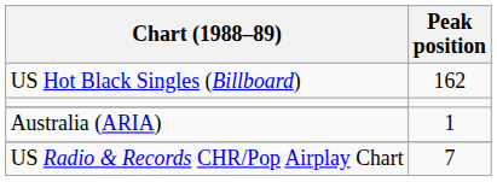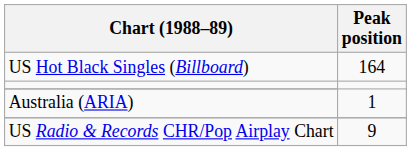 <table class="wikitable sortable">
 <tr>
 <th>Chart (1988–89)</th>
 <th>Peak<br>position</th>
 </tr>
 <tr>
 <td scope="row">US <a href='#'>Hot Black Singles</a> (<em><a href='#'>Billboard</a></em>)</td>
-<td align="center">162</td>
+<td align="center">164</td>
 </tr>
 <tr>
 <td></td>
 </tr>
 <tr>
 </tr>
 <tr>
 </tr>
 <tr>
 <td scope="row">Australia (<a href='#'>ARIA</a>)</td>
 <td align="center">1</td>
 </tr>
 <tr>
 </tr>
 <tr>
 <td align="left">US <em><a href='#'>Radio & Records</a></em> <a href='#'>CHR/Pop</a> <a href='#'>Airplay</a> Chart</td>
-<td align="center">7</td>
+<td align="center">9</td>
 </tr>
 </table>
